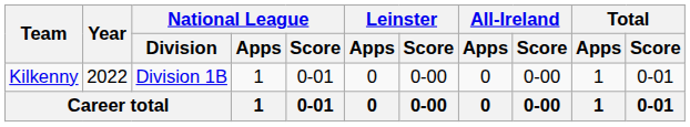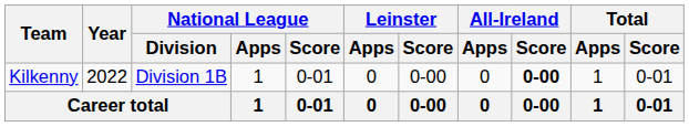 <table class="wikitable" style="text-align:center">
 <tr>
 <th rowspan="2">Team</th>
 <th rowspan="2">Year</th>
 <th colspan="3"><a href='#'>National League</a></th>
 <th colspan="2"><a href='#'>Leinster</a></th>
 <th colspan="2"><a href='#'>All-Ireland</a></th>
 <th colspan="2">Total</th>
 </tr>
 <tr>
 <th>Division</th>
 <th>Apps</th>
 <th>Score</th>
 <th>Apps</th>
 <th>Score</th>
 <th>Apps</th>
 <th>Score</th>
 <th>Apps</th>
 <th>Score</th>
 </tr>
 <tr>
 <td rowspan="1"><a href='#'>Kilkenny</a></td>
 <td>2022</td>
 <td rowspan="1"><a href='#'>Division 1B</a></td>
 <td>1</td>
 <td>0-01</td>
 <td>0</td>
 <td>0-00</td>
 <td>0</td>
-<td>0-00</td>
+<td><strong>0-00</strong></td>
 <td>1</td>
 <td>0-01</td>
 </tr>
 <tr>
 <th colspan="3">Career total</th>
 <th>1</th>
 <th>0-01</th>
 <th>0</th>
 <th>0-00</th>
 <th>0</th>
 <th>0-00</th>
 <th>1</th>
 <th>0-01</th>
 </tr>
 </table>
